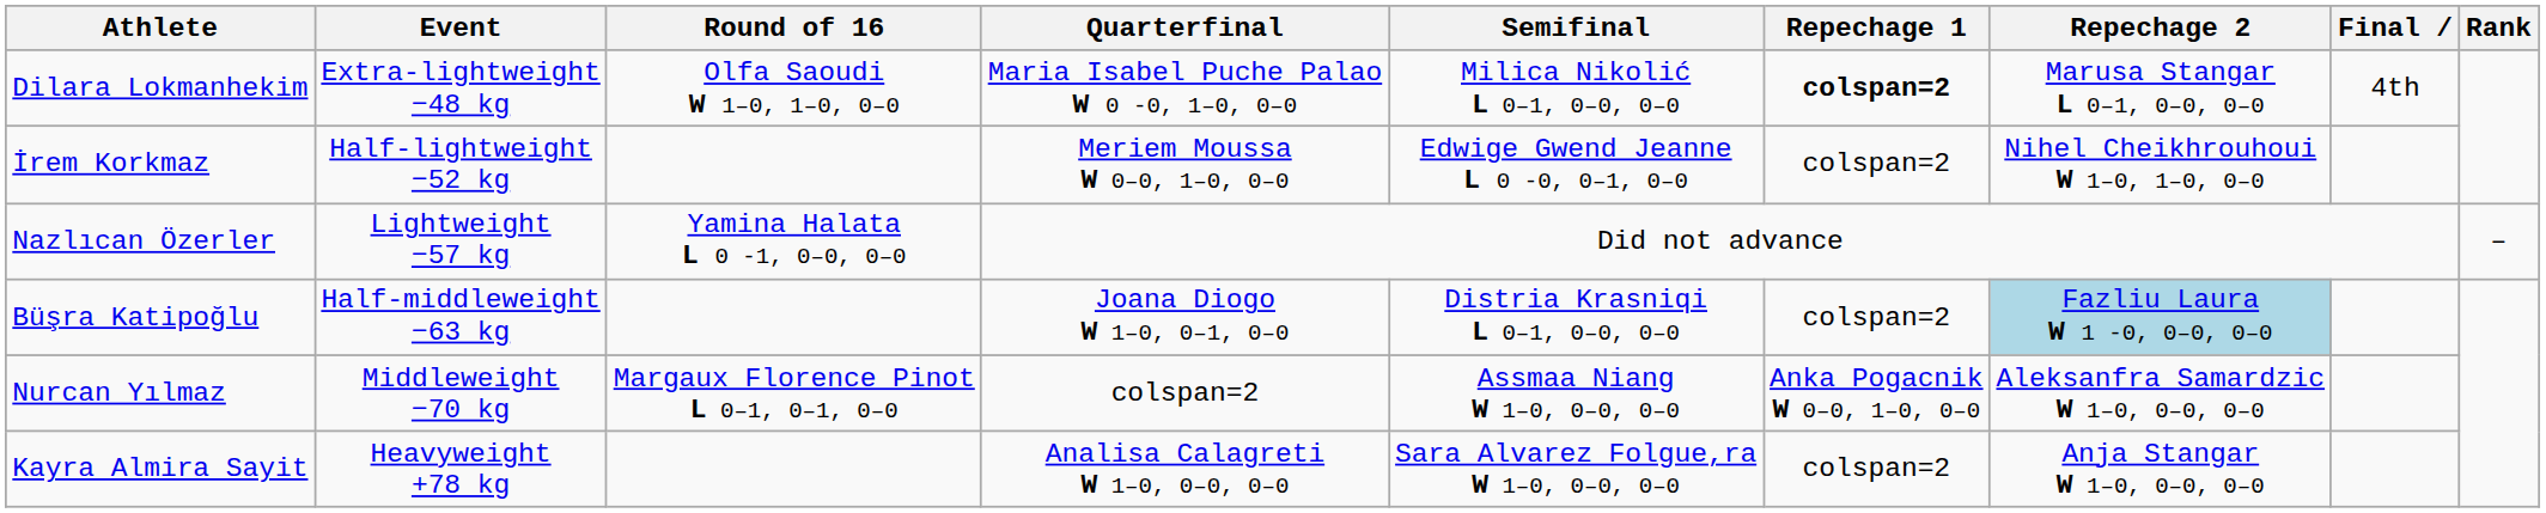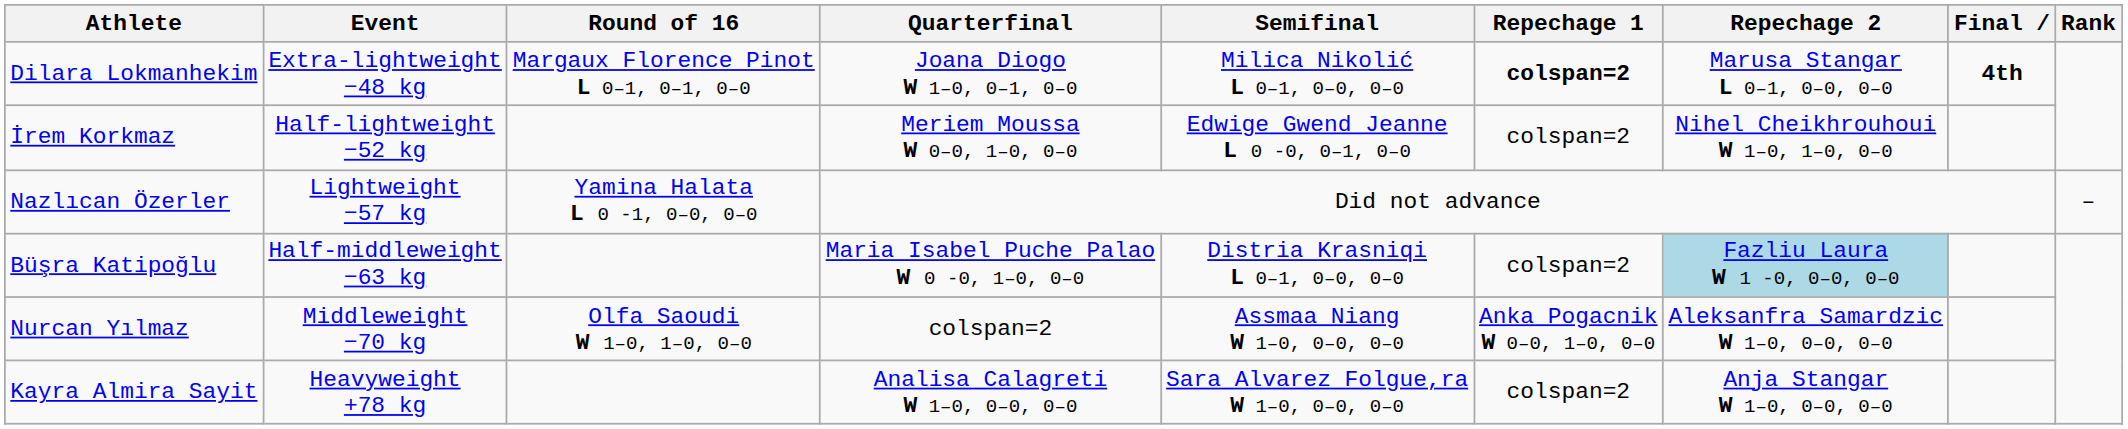 <table class="wikitable">
 <tr>
 <th>Athlete</th>
 <th>Event</th>
 <th>Round of 16</th>
 <th>Quarterfinal</th>
 <th>Semifinal</th>
 <th>Repechage 1</th>
 <th>Repechage 2</th>
 <th>Final / </th>
 <th>Rank</th>
 </tr>
 <tr align=center>
 <td align=left><a href='#'>Dilara Lokmanhekim</a></td>
 <td><a href='#'>Extra-lightweight<br>−48 kg</a></td>
-<td> <a href='#'>Olfa Saoudi</a><br><strong>W</strong> <small>1–0, 1–0, 0–0</small></td>
-<td> <a href='#'>Maria Isabel Puche Palao</a><br><strong>W</strong> <small>0 -0, 1–0, 0–0</small></td>
+<td> <a href='#'>Margaux Florence Pinot</a><br><strong>L</strong><small> 0–1, 0–1, 0–0</small></td>
+<td> <a href='#'>Joana Diogo</a><br><strong>W</strong><small> 1–0, 0–1, 0–0</small></td>
 <td> <a href='#'>Milica Nikolić</a><br><strong>L</strong><small> 0–1, 0–0, 0–0</small></td>
 <td><strong>colspan=2 </strong></td>
 <td> <a href='#'>Marusa Stangar</a><br><strong>L</strong><small> 0–1, 0–0, 0–0</small></td>
-<td>4th</td>
+<td><strong>4th</strong></td>
 </tr>
 <tr align=center>
 <td align=left><a href='#'>İrem Korkmaz</a></td>
 <td><a href='#'>Half-lightweight<br>−52 kg</a></td>
 <td></td>
 <td> <a href='#'>Meriem Moussa</a><br><strong>W</strong><small> 0–0, 1–0, 0–0</small></td>
 <td> <a href='#'>Edwige Gwend Jeanne</a><br><strong>L</strong> <small>0 -0, 0–1, 0–0</small></td>
 <td>colspan=2 </td>
 <td> <a href='#'>Nihel Cheikhrouhoui</a><br><strong>W</strong><small> 1–0, 1–0, 0–0</small></td>
 <td></td>
 </tr>
 <tr align=center>
 <td align=left><a href='#'>Nazlıcan Özerler</a></td>
 <td><a href='#'>Lightweight<br>−57 kg</a></td>
 <td> <a href='#'>Yamina Halata</a><br><strong>L</strong> <small>0 -1, 0–0, 0–0</small></td>
 <td colspan=5>Did not advance</td>
 <td>–</td>
 </tr>
 <tr align=center>
 <td align=left><a href='#'>Büşra Katipoğlu</a></td>
 <td><a href='#'>Half-middleweight<br>−63 kg</a></td>
 <td></td>
-<td> <a href='#'>Joana Diogo</a><br><strong>W</strong><small> 1–0, 0–1, 0–0</small></td>
+<td> <a href='#'>Maria Isabel Puche Palao</a><br><strong>W</strong> <small>0 -0, 1–0, 0–0</small></td>
 <td> <a href='#'>Distria Krasniqi</a><br><strong>L</strong><small> 0–1, 0–0, 0–0</small></td>
 <td>colspan=2 </td>
 <td style="background: lightblue;"> <a href='#'>Fazliu Laura</a><br><strong>W</strong> <small>1 -0, 0–0, 0–0</small></td>
 <td></td>
 </tr>
 <tr align=center>
 <td align=left><a href='#'>Nurcan Yılmaz</a></td>
 <td><a href='#'>Middleweight<br>−70 kg</a></td>
-<td> <a href='#'>Margaux Florence Pinot</a><br><strong>L</strong><small> 0–1, 0–1, 0–0</small></td>
+<td> <a href='#'>Olfa Saoudi</a><br><strong>W</strong> <small>1–0, 1–0, 0–0</small></td>
 <td>colspan=2 </td>
 <td> <a href='#'>Assmaa Niang</a><br><strong>W</strong><small> 1–0, 0–0, 0–0</small></td>
 <td> <a href='#'>Anka Pogacnik</a><br><strong>W</strong><small> 0–0, 1–0, 0–0</small></td>
 <td> <a href='#'>Aleksanfra Samardzic</a><br><strong>W</strong><small> 1–0, 0–0, 0–0</small></td>
 <td></td>
 </tr>
 <tr align=center>
 <td align=left><a href='#'>Kayra Almira Sayit</a></td>
 <td><a href='#'>Heavyweight<br> +78 kg</a></td>
 <td></td>
 <td> <a href='#'>Analisa Calagreti</a><br><strong>W</strong><small> 1–0, 0–0, 0–0</small></td>
 <td> <a href='#'>Sara Alvarez Folgue,ra</a><br><strong>W</strong><small> 1–0, 0–0, 0–0</small></td>
 <td>colspan=2 </td>
 <td> <a href='#'>Anja Stangar</a><br><strong>W</strong><small> 1–0, 0–0, 0–0</small></td>
 <td></td>
 </tr>
 </table>
